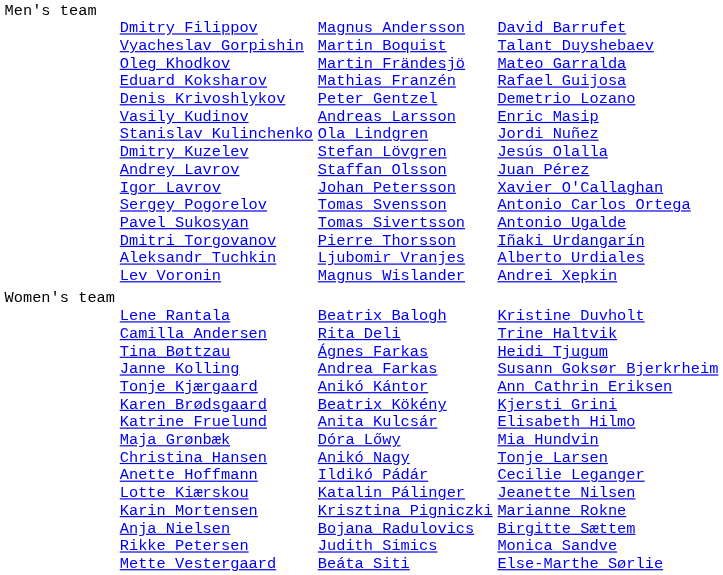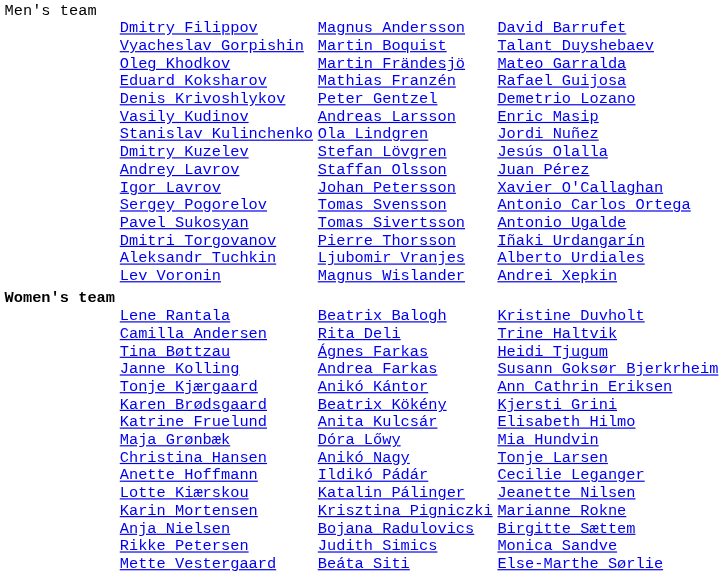 <table>
 <tr valign="top">
 <td>Men's team<br></td>
 <td><br><a href='#'>Dmitry Filippov</a><br><a href='#'>Vyacheslav Gorpishin</a><br><a href='#'>Oleg Khodkov</a><br><a href='#'>Eduard Koksharov</a><br><a href='#'>Denis Krivoshlykov</a><br><a href='#'>Vasily Kudinov</a><br><a href='#'>Stanislav Kulinchenko</a><br><a href='#'>Dmitry Kuzelev</a><br><a href='#'>Andrey Lavrov</a><br><a href='#'>Igor Lavrov</a><br><a href='#'>Sergey Pogorelov</a><br><a href='#'>Pavel Sukosyan</a><br><a href='#'>Dmitri Torgovanov</a><br><a href='#'>Aleksandr Tuchkin</a><br><a href='#'>Lev Voronin</a></td>
 <td><br><a href='#'>Magnus Andersson</a><br><a href='#'>Martin Boquist</a><br><a href='#'>Martin Frändesjö</a><br><a href='#'>Mathias Franzén</a><br><a href='#'>Peter Gentzel</a><br><a href='#'>Andreas Larsson</a><br><a href='#'>Ola Lindgren</a><br><a href='#'>Stefan Lövgren</a><br><a href='#'>Staffan Olsson</a><br><a href='#'>Johan Petersson</a><br><a href='#'>Tomas Svensson</a><br><a href='#'>Tomas Sivertsson</a><br><a href='#'>Pierre Thorsson</a><br><a href='#'>Ljubomir Vranjes</a><br><a href='#'>Magnus Wislander</a></td>
 <td><br><a href='#'>David Barrufet</a><br><a href='#'>Talant Duyshebaev</a><br><a href='#'>Mateo Garralda</a><br><a href='#'>Rafael Guijosa</a><br><a href='#'>Demetrio Lozano</a><br><a href='#'>Enric Masip</a><br><a href='#'>Jordi Nuñez</a><br><a href='#'>Jesús Olalla</a><br><a href='#'>Juan Pérez</a><br><a href='#'>Xavier O'Callaghan</a><br><a href='#'>Antonio Carlos Ortega</a><br><a href='#'>Antonio Ugalde</a><br><a href='#'>Iñaki Urdangarín</a><br><a href='#'>Alberto Urdiales</a><br><a href='#'>Andrei Xepkin</a></td>
 </tr>
 <tr valign="top">
-<td>Women's team<br></td>
+<td><strong>Women's team<br></strong></td>
 <td><br><a href='#'>Lene Rantala</a><br><a href='#'>Camilla Andersen</a><br><a href='#'>Tina Bøttzau</a><br><a href='#'>Janne Kolling</a><br><a href='#'>Tonje Kjærgaard</a><br><a href='#'>Karen Brødsgaard</a><br><a href='#'>Katrine Fruelund</a><br><a href='#'>Maja Grønbæk</a><br><a href='#'>Christina Hansen</a><br><a href='#'>Anette Hoffmann</a><br><a href='#'>Lotte Kiærskou</a><br><a href='#'>Karin Mortensen</a> <br><a href='#'>Anja Nielsen</a><br><a href='#'>Rikke Petersen</a><br><a href='#'>Mette Vestergaard</a></td>
 <td><br><a href='#'>Beatrix Balogh</a><br><a href='#'>Rita Deli</a><br><a href='#'>Ágnes Farkas</a><br><a href='#'>Andrea Farkas</a><br><a href='#'>Anikó Kántor</a><br><a href='#'>Beatrix Kökény</a><br><a href='#'>Anita Kulcsár</a><br><a href='#'>Dóra Lőwy</a><br><a href='#'>Anikó Nagy</a><br><a href='#'>Ildikó Pádár</a><br><a href='#'>Katalin Pálinger</a><br><a href='#'>Krisztina Pigniczki</a><br><a href='#'>Bojana Radulovics</a><br><a href='#'>Judith Simics</a><br><a href='#'>Beáta Siti</a></td>
 <td><br><a href='#'>Kristine Duvholt</a><br><a href='#'>Trine Haltvik</a><br><a href='#'>Heidi Tjugum</a><br><a href='#'>Susann Goksør Bjerkrheim</a><br><a href='#'>Ann Cathrin Eriksen</a><br><a href='#'>Kjersti Grini</a><br><a href='#'>Elisabeth Hilmo</a><br><a href='#'>Mia Hundvin</a><br><a href='#'>Tonje Larsen</a><br><a href='#'>Cecilie Leganger</a><br><a href='#'>Jeanette Nilsen</a><br><a href='#'>Marianne Rokne</a><br><a href='#'>Birgitte Sættem</a><br><a href='#'>Monica Sandve</a><br><a href='#'>Else-Marthe Sørlie</a></td>
 </tr>
 </table>
